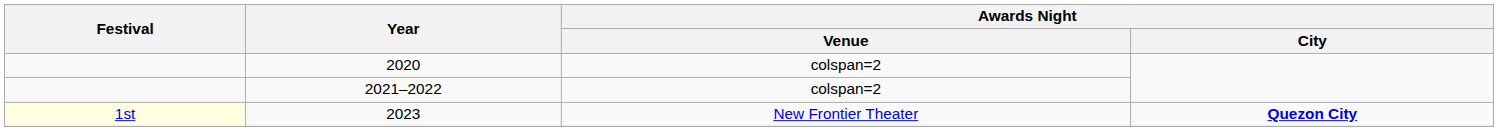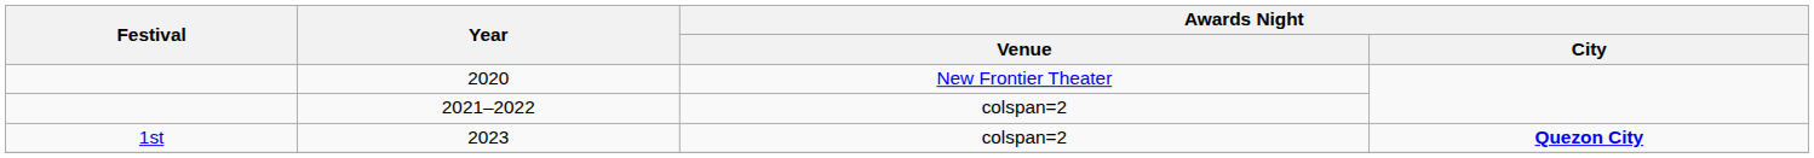 <table class="wikitable" style="width:98%; text-align:center;">
 <tr>
 <th rowspan=2>Festival</th>
 <th rowspan=2>Year</th>
 <th colspan=2>Awards Night</th>
 </tr>
 <tr>
 <th>Venue</th>
 <th>City</th>
 </tr>
 <tr>
 <td></td>
 <td>2020</td>
-<td>colspan=2</td>
+<td><a href='#'>New Frontier Theater</a></td>
 </tr>
 <tr>
 <td></td>
 <td>2021–2022</td>
 <td>colspan=2</td>
 </tr>
 <tr>
-<td style="background: lightyellow;"><a href='#'>1st</a></td>
+<td><a href='#'>1st</a></td>
 <td>2023</td>
-<td><a href='#'>New Frontier Theater</a></td>
+<td>colspan=2</td>
 <td><strong><a href='#'>Quezon City</a></strong></td>
 </tr>
 <tr>
 </tr>
 </table>
